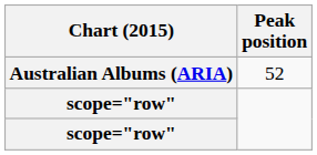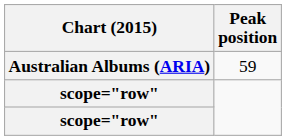 <table class="wikitable sortable plainrowheaders.">
 <tr>
 <th>Chart (2015)</th>
 <th>Peak<br>position</th>
 </tr>
 <tr>
 <th scope="row">Australian Albums (<a href='#'>ARIA</a>)</th>
-<td align="center">52</td>
+<td align="center">59</td>
 </tr>
 <tr>
 <th>scope="row" </th>
 </tr>
 <tr>
 <th>scope="row" </th>
 </tr>
 </table>
